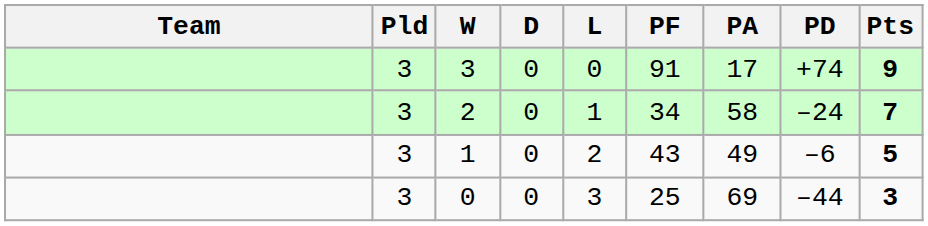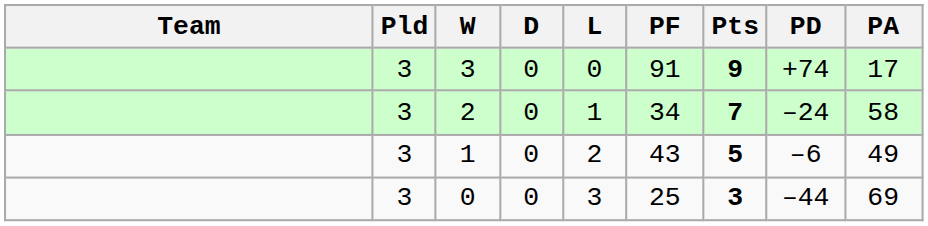 <table class="wikitable" style="text-align:center;">
 <tr>
 <th width=175>Team</th>
 <th width=25 abbr="Played">Pld</th>
 <th width=25 abbr="Won">W</th>
 <th width=25 abbr="Drawn">D</th>
 <th width=25 abbr="Lost">L</th>
 <th width=32 abbr="Points for">PF</th>
+<th width=25 abbr="Points">Pts</th>
+<th width=32 abbr="Points difference">PD</th>
 <th width=32 abbr="Points against">PA</th>
-<th width=32 abbr="Points difference">PD</th>
-<th width=25 abbr="Points">Pts</th>
 </tr>
 <tr bgcolor=ccffcc>
 <td align=left></td>
 <td>3</td>
 <td>3</td>
 <td>0</td>
 <td>0</td>
 <td>91</td>
+<td><strong>9</strong></td>
+<td>+74</td>
 <td>17</td>
-<td>+74</td>
-<td><strong>9</strong></td>
 </tr>
 <tr bgcolor=ccffcc>
 <td align=left></td>
 <td>3</td>
 <td>2</td>
 <td>0</td>
 <td>1</td>
 <td>34</td>
+<td><strong>7</strong></td>
+<td>–24</td>
 <td>58</td>
-<td>–24</td>
-<td><strong>7</strong></td>
 </tr>
 <tr>
 <td align=left></td>
 <td>3</td>
 <td>1</td>
 <td>0</td>
 <td>2</td>
 <td>43</td>
+<td><strong>5</strong></td>
+<td>–6</td>
 <td>49</td>
-<td>–6</td>
-<td><strong>5</strong></td>
 </tr>
 <tr>
 <td align=left></td>
 <td>3</td>
 <td>0</td>
 <td>0</td>
 <td>3</td>
 <td>25</td>
+<td><strong>3</strong></td>
+<td>–44</td>
 <td>69</td>
-<td>–44</td>
-<td><strong>3</strong></td>
 </tr>
 </table>
